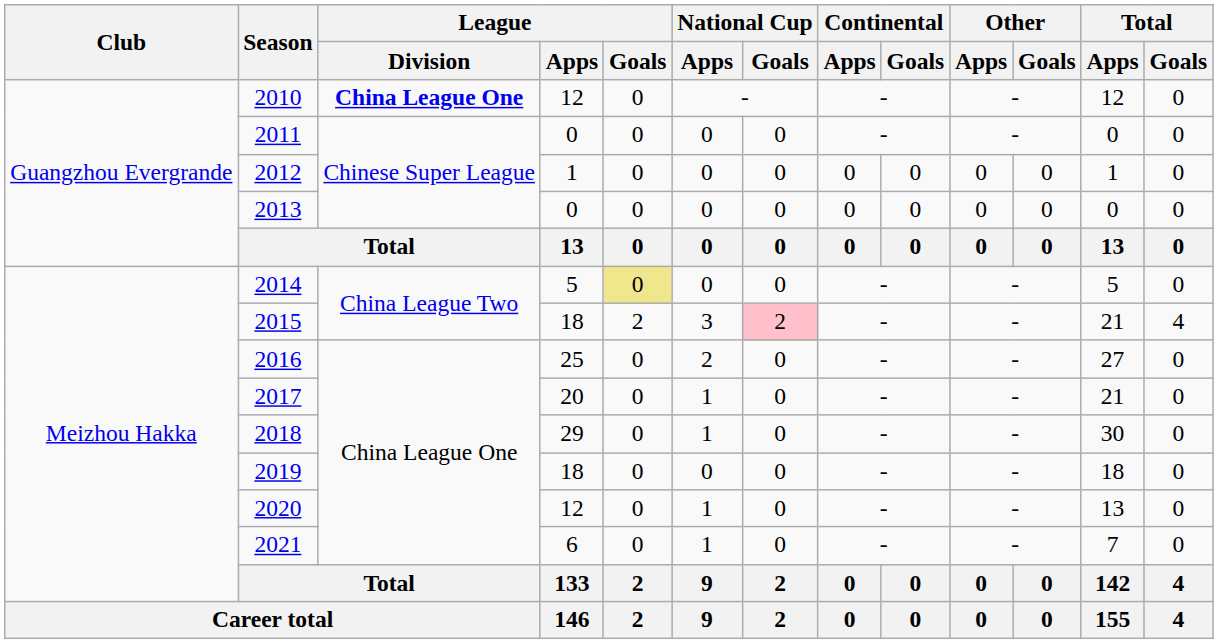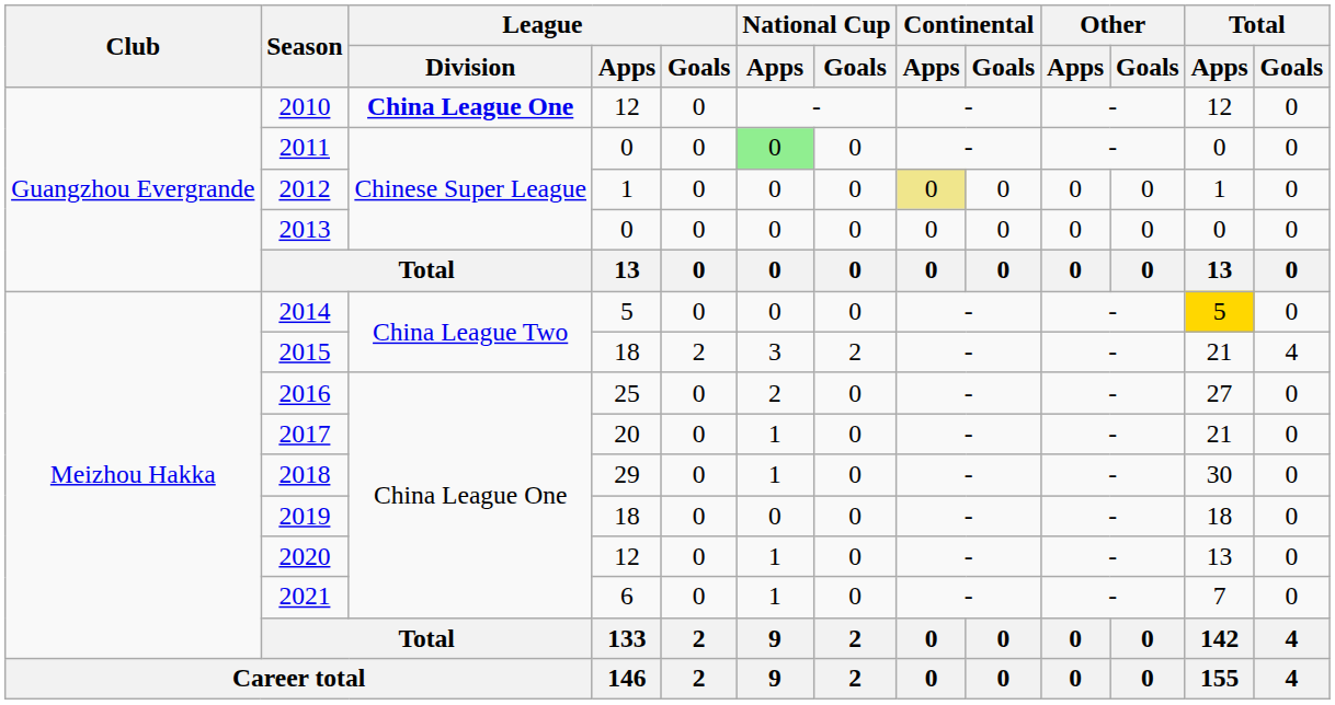 <table class="wikitable" style="text-align: center">
 <tr>
 <th rowspan="2">Club</th>
 <th rowspan="2">Season</th>
 <th colspan="3">League</th>
 <th colspan="2">National Cup</th>
 <th colspan="2">Continental</th>
 <th colspan="2">Other</th>
 <th colspan="2">Total</th>
 </tr>
 <tr>
 <th>Division</th>
 <th>Apps</th>
 <th>Goals</th>
 <th>Apps</th>
 <th>Goals</th>
 <th>Apps</th>
 <th>Goals</th>
 <th>Apps</th>
 <th>Goals</th>
 <th>Apps</th>
 <th>Goals</th>
 </tr>
 <tr>
 <td rowspan=5><a href='#'>Guangzhou Evergrande</a></td>
 <td><a href='#'>2010</a></td>
 <td><strong><a href='#'>China League One</a></strong></td>
 <td>12</td>
 <td>0</td>
 <td colspan="2">-</td>
 <td colspan="2">-</td>
 <td colspan="2">-</td>
 <td>12</td>
 <td>0</td>
 </tr>
 <tr>
 <td><a href='#'>2011</a></td>
 <td rowspan="3"><a href='#'>Chinese Super League</a></td>
 <td>0</td>
 <td>0</td>
-<td>0</td>
+<td style="background: lightgreen;">0</td>
 <td>0</td>
 <td colspan="2">-</td>
 <td colspan="2">-</td>
 <td>0</td>
 <td>0</td>
 </tr>
 <tr>
 <td><a href='#'>2012</a></td>
 <td>1</td>
 <td>0</td>
 <td>0</td>
 <td>0</td>
-<td>0</td>
+<td style="background: khaki;">0</td>
 <td>0</td>
 <td>0</td>
 <td>0</td>
 <td>1</td>
 <td>0</td>
 </tr>
 <tr>
 <td><a href='#'>2013</a></td>
 <td>0</td>
 <td>0</td>
 <td>0</td>
 <td>0</td>
 <td>0</td>
 <td>0</td>
 <td>0</td>
 <td>0</td>
 <td>0</td>
 <td>0</td>
 </tr>
 <tr>
 <th colspan=2>Total</th>
 <th>13</th>
 <th>0</th>
 <th>0</th>
 <th>0</th>
 <th>0</th>
 <th>0</th>
 <th>0</th>
 <th>0</th>
 <th>13</th>
 <th>0</th>
 </tr>
 <tr>
 <td rowspan=9><a href='#'>Meizhou Hakka</a></td>
 <td><a href='#'>2014</a></td>
 <td rowspan=2><a href='#'>China League Two</a></td>
 <td>5</td>
-<td style="background: khaki;">0</td>
+<td>0</td>
 <td>0</td>
 <td>0</td>
 <td colspan="2">-</td>
 <td colspan="2">-</td>
-<td>5</td>
+<td style="background: gold;">5</td>
 <td>0</td>
 </tr>
 <tr>
 <td><a href='#'>2015</a></td>
 <td>18</td>
 <td>2</td>
 <td>3</td>
-<td style="background: pink;">2</td>
+<td>2</td>
 <td colspan="2">-</td>
 <td colspan="2">-</td>
 <td>21</td>
 <td>4</td>
 </tr>
 <tr>
 <td><a href='#'>2016</a></td>
 <td rowspan=6>China League One</td>
 <td>25</td>
 <td>0</td>
 <td>2</td>
 <td>0</td>
 <td colspan="2">-</td>
 <td colspan="2">-</td>
 <td>27</td>
 <td>0</td>
 </tr>
 <tr>
 <td><a href='#'>2017</a></td>
 <td>20</td>
 <td>0</td>
 <td>1</td>
 <td>0</td>
 <td colspan="2">-</td>
 <td colspan="2">-</td>
 <td>21</td>
 <td>0</td>
 </tr>
 <tr>
 <td><a href='#'>2018</a></td>
 <td>29</td>
 <td>0</td>
 <td>1</td>
 <td>0</td>
 <td colspan="2">-</td>
 <td colspan="2">-</td>
 <td>30</td>
 <td>0</td>
 </tr>
 <tr>
 <td><a href='#'>2019</a></td>
 <td>18</td>
 <td>0</td>
 <td>0</td>
 <td>0</td>
 <td colspan="2">-</td>
 <td colspan="2">-</td>
 <td>18</td>
 <td>0</td>
 </tr>
 <tr>
 <td><a href='#'>2020</a></td>
 <td>12</td>
 <td>0</td>
 <td>1</td>
 <td>0</td>
 <td colspan="2">-</td>
 <td colspan="2">-</td>
 <td>13</td>
 <td>0</td>
 </tr>
 <tr>
 <td><a href='#'>2021</a></td>
 <td>6</td>
 <td>0</td>
 <td>1</td>
 <td>0</td>
 <td colspan="2">-</td>
 <td colspan="2">-</td>
 <td>7</td>
 <td>0</td>
 </tr>
 <tr>
 <th colspan=2>Total</th>
 <th>133</th>
 <th>2</th>
 <th>9</th>
 <th>2</th>
 <th>0</th>
 <th>0</th>
 <th>0</th>
 <th>0</th>
 <th>142</th>
 <th>4</th>
 </tr>
 <tr>
 <th colspan=3>Career total</th>
 <th>146</th>
 <th>2</th>
 <th>9</th>
 <th>2</th>
 <th>0</th>
 <th>0</th>
 <th>0</th>
 <th>0</th>
 <th>155</th>
 <th>4</th>
 </tr>
 </table>
